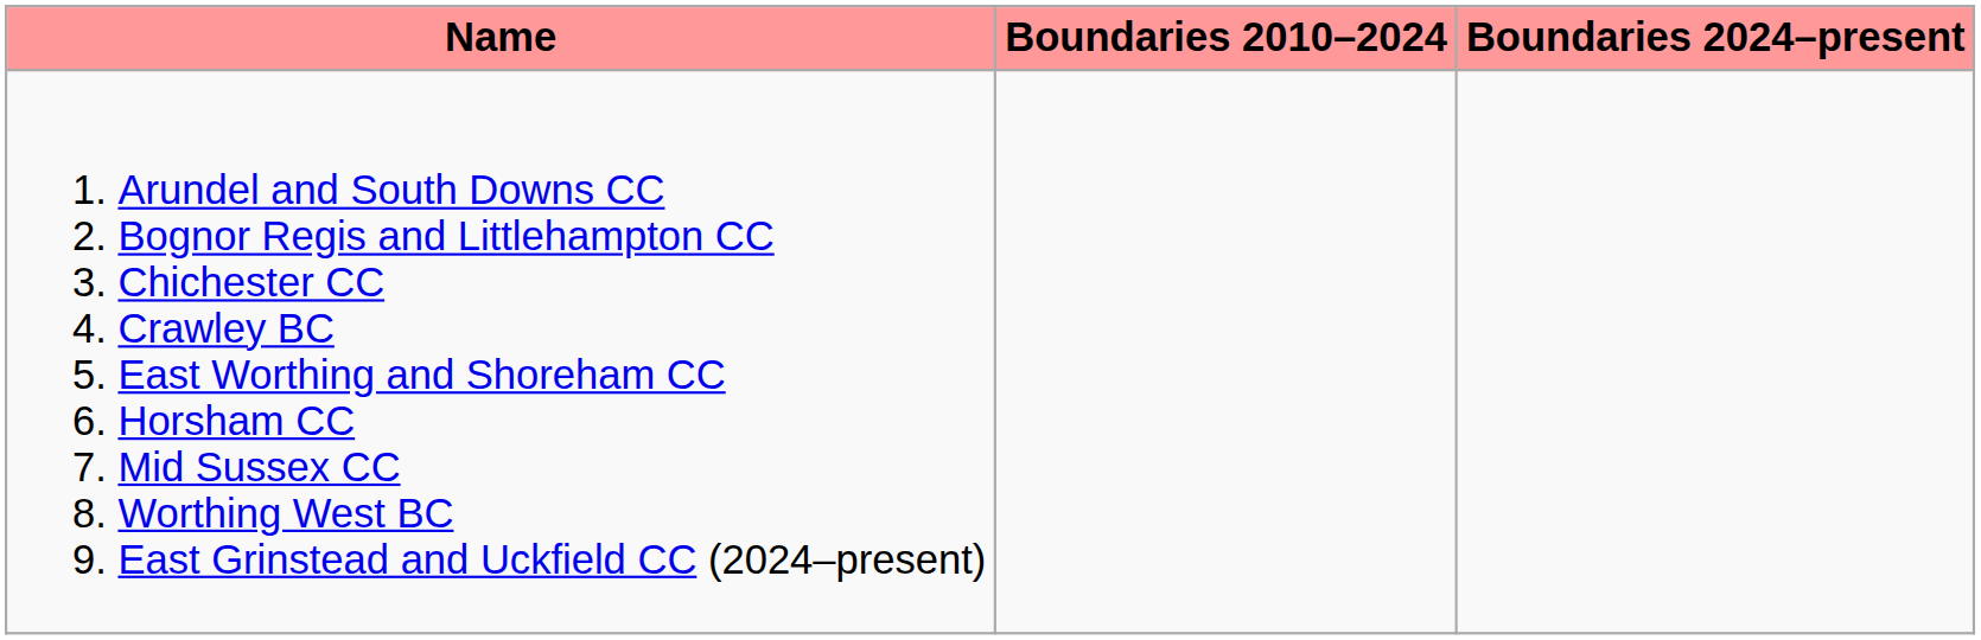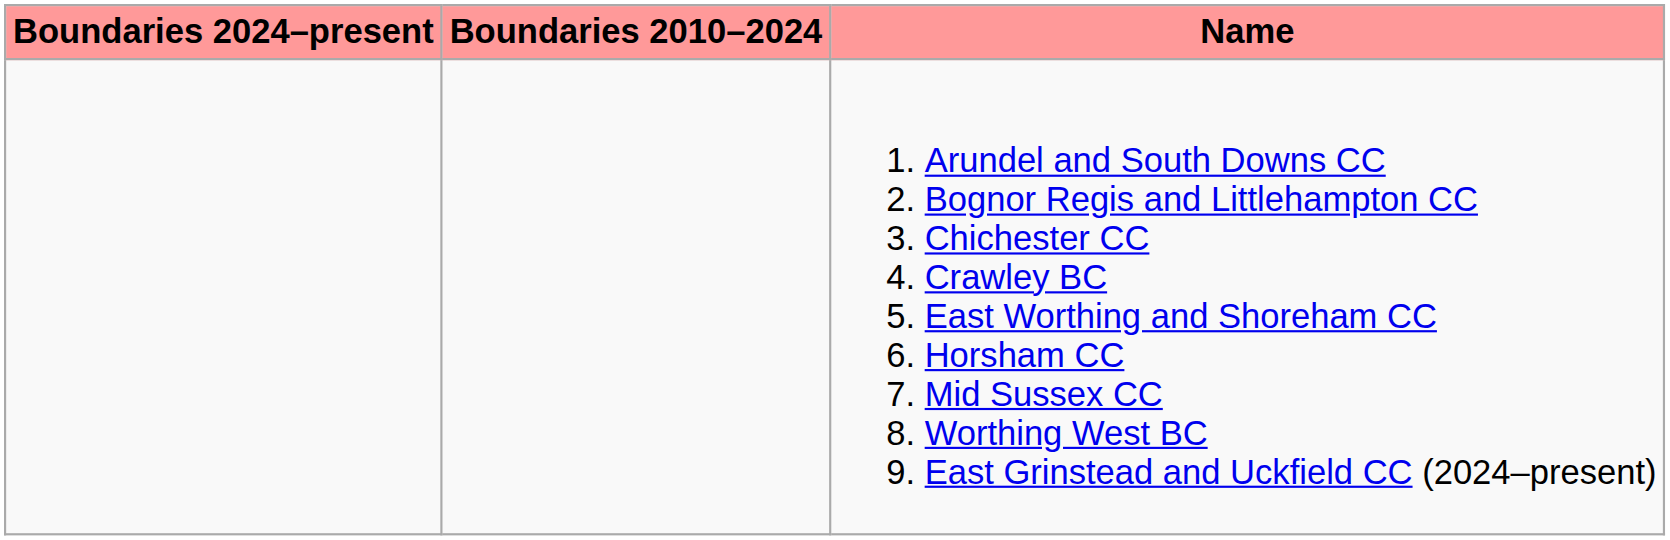 <table class="wikitable">
 <tr>
+<th style="background-color:#ff9999">Boundaries 2024–present</th>
+<th style="background-color:#ff9999">Boundaries 2010–2024</th>
 <th style="background-color:#ff9999">Name</th>
-<th style="background-color:#ff9999">Boundaries 2010–2024</th>
-<th style="background-color:#ff9999">Boundaries 2024–present</th>
 </tr>
 <tr>
-<td><br><ol><li><a href='#'>Arundel and South Downs CC</a></li><li><a href='#'>Bognor Regis and Littlehampton CC</a></li><li><a href='#'>Chichester CC</a></li><li><a href='#'>Crawley BC</a></li><li><a href='#'>East Worthing and Shoreham CC</a></li><li><a href='#'>Horsham CC</a></li><li><a href='#'>Mid Sussex CC</a></li><li><a href='#'>Worthing West BC</a></li><li><a href='#'>East Grinstead and Uckfield CC</a> (2024–present)</li></ol></td>
 <td></td>
 <td></td>
+<td><br><ol><li><a href='#'>Arundel and South Downs CC</a></li><li><a href='#'>Bognor Regis and Littlehampton CC</a></li><li><a href='#'>Chichester CC</a></li><li><a href='#'>Crawley BC</a></li><li><a href='#'>East Worthing and Shoreham CC</a></li><li><a href='#'>Horsham CC</a></li><li><a href='#'>Mid Sussex CC</a></li><li><a href='#'>Worthing West BC</a></li><li><a href='#'>East Grinstead and Uckfield CC</a> (2024–present)</li></ol></td>
 </tr>
 </table>
